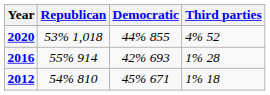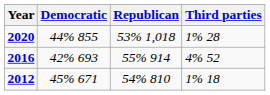 <table class="wikitable">
 <tr>
 <th>Year</th>
+<th><a href='#'>Democratic</a></th>
 <th><a href='#'>Republican</a></th>
-<th><a href='#'>Democratic</a></th>
 <th><a href='#'>Third parties</a></th>
 </tr>
 <tr>
 <td style="text-align:center; "><strong><a href='#'>2020</a></strong></td>
+<td style="text-align:center; "><em>44%</em> <em>855</em></td>
 <td style="text-align:center; "><em>53%</em> <em>1,018</em></td>
-<td style="text-align:center; "><em>44%</em> <em>855</em></td>
+<td><em>1%</em> <em>28</em></td>
+</tr>
+<tr>
+<td style="text-align:center; "><strong><a href='#'>2016</a></strong></td>
+<td style="text-align:center; "><em>42%</em> <em>693</em></td>
+<td style="text-align:center; "><em>55%</em> <em>914</em></td>
 <td><em>4%</em> <em>52</em></td>
 </tr>
 <tr>
-<td style="text-align:center; "><strong><a href='#'>2016</a></strong></td>
-<td style="text-align:center; "><em>55%</em> <em>914</em></td>
-<td style="text-align:center; "><em>42%</em> <em>693</em></td>
-<td><em>1%</em> <em>28</em></td>
-</tr>
-<tr>
 <td style="text-align:center; "><strong><a href='#'>2012</a></strong></td>
+<td style="text-align:center; "><em>45%</em> <em>671</em></td>
 <td style="text-align:center; "><em>54%</em> <em>810</em></td>
-<td style="text-align:center; "><em>45%</em> <em>671</em></td>
 <td><em>1%</em> <em>18</em></td>
 </tr>
 </table>
